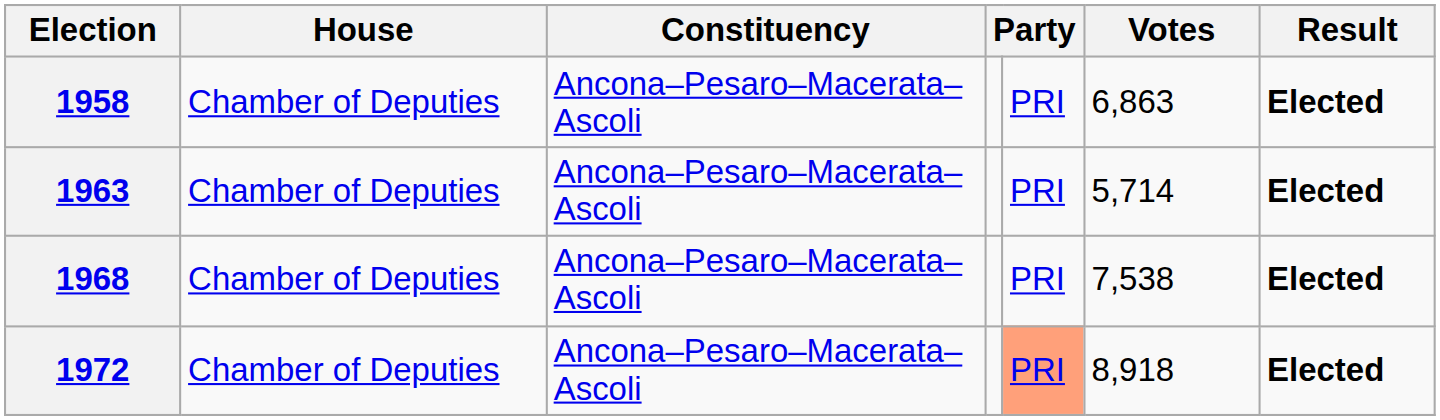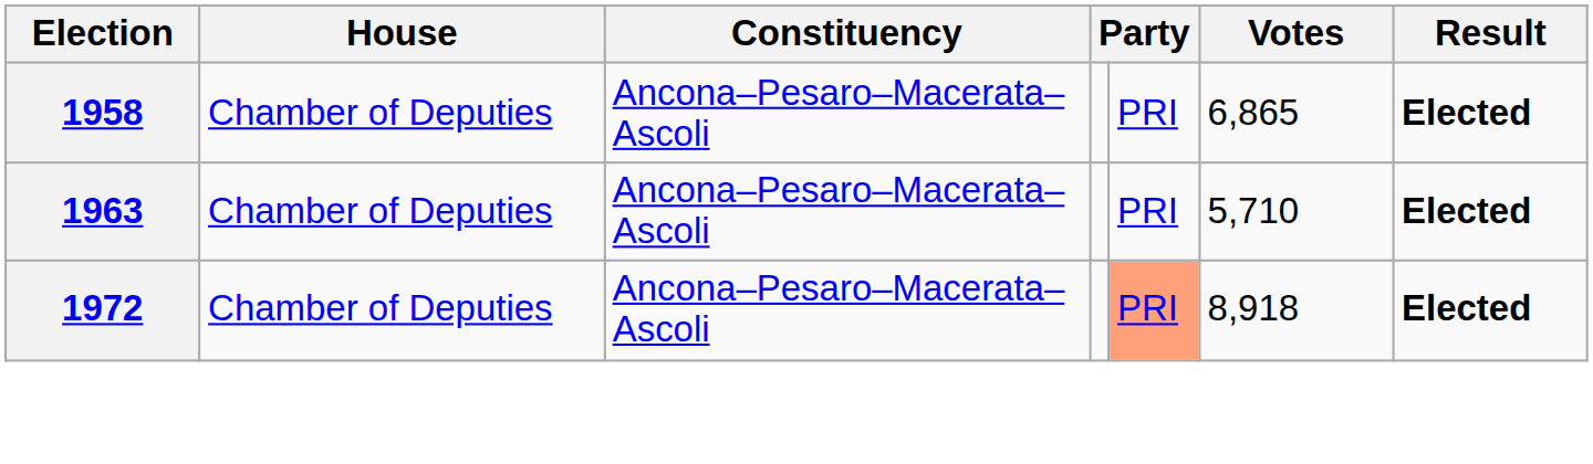 <table class=wikitable style="width:55%; border:1px #AAAAFF solid">
 <tr>
 <th width=12%>Election</th>
 <th width=25%>House</th>
 <th width=30%>Constituency</th>
 <th width=5% colspan="2">Party</th>
 <th width=12%>Votes</th>
 <th width=12%>Result</th>
 </tr>
 <tr>
 <th><a href='#'>1958</a></th>
 <td><a href='#'>Chamber of Deputies</a></td>
 <td><a href='#'>Ancona–Pesaro–Macerata–Ascoli</a></td>
 <td></td>
 <td><a href='#'>PRI</a></td>
-<td>6,863</td>
+<td>6,865</td>
 <td> <strong>Elected</strong></td>
 </tr>
 <tr>
 <th><a href='#'>1963</a></th>
 <td><a href='#'>Chamber of Deputies</a></td>
 <td><a href='#'>Ancona–Pesaro–Macerata–Ascoli</a></td>
 <td></td>
 <td><a href='#'>PRI</a></td>
-<td>5,714</td>
-<td> <strong>Elected</strong></td>
-</tr>
-<tr>
-<th><a href='#'>1968</a></th>
-<td><a href='#'>Chamber of Deputies</a></td>
-<td><a href='#'>Ancona–Pesaro–Macerata–Ascoli</a></td>
-<td></td>
-<td><a href='#'>PRI</a></td>
-<td>7,538</td>
+<td>5,710</td>
 <td> <strong>Elected</strong></td>
 </tr>
 <tr>
 <th><a href='#'>1972</a></th>
 <td><a href='#'>Chamber of Deputies</a></td>
 <td><a href='#'>Ancona–Pesaro–Macerata–Ascoli</a></td>
 <td></td>
 <td style="background: lightsalmon;"><a href='#'>PRI</a></td>
 <td>8,918</td>
 <td> <strong>Elected</strong></td>
 </tr>
 </table>
